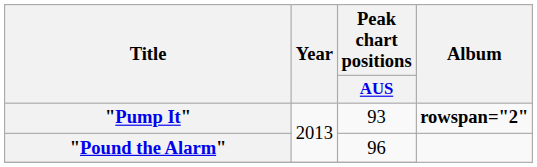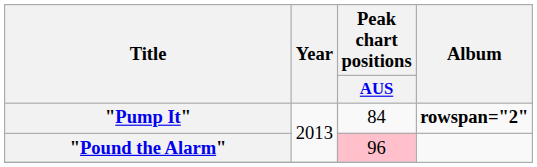 <table class="wikitable plainrowheaders" style="text-align:center;" border="1">
 <tr>
 <th scope="col" rowspan="2" style="width:15em;">Title</th>
 <th scope="col" rowspan="2">Year</th>
 <th scope="col" colspan="1">Peak chart positions</th>
 <th scope="col" rowspan="2">Album</th>
 </tr>
 <tr>
 <th scope="col" style="width:3em;font-size:90%;"><a href='#'>AUS</a><br></th>
 </tr>
 <tr>
 <th scope="row">"<a href='#'>Pump It</a>"</th>
 <td rowspan="2">2013</td>
-<td>93</td>
+<td>84</td>
 <td><strong>rowspan="2" </strong></td>
 </tr>
 <tr>
 <th scope="row">"<a href='#'>Pound the Alarm</a>"</th>
-<td>96</td>
+<td style="background: pink;">96</td>
 </tr>
 <tr>
 </tr>
 </table>
